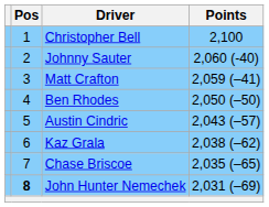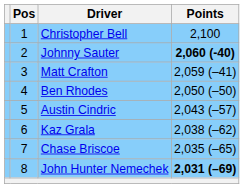 <table class="wikitable" style="font-size: 95%;">
 <tr>
 <th></th>
 <th>Pos</th>
 <th>Driver</th>
 <th>Points</th>
 </tr>
 <tr style="background:#87CEFA;">
 <td align="left"></td>
 <td style="text-align:center;">1</td>
 <td><a href='#'>Christopher Bell</a></td>
 <td style="text-align:center;">2,100</td>
 </tr>
 <tr style="background:#87CEFA;">
 <td align="left"></td>
 <td style="text-align:center;">2</td>
 <td style="background:#87CEFA;"><a href='#'>Johnny Sauter</a></td>
-<td style="text-align:center;">2,060 (-40)</td>
+<td style="text-align:center;"><strong>2,060 (-40)</strong></td>
 </tr>
 <tr style="background:#87CEFA;">
 <td align="left"></td>
 <td style="text-align:center;">3</td>
 <td><a href='#'>Matt Crafton</a></td>
 <td style="text-align:center;">2,059 (–41)</td>
 </tr>
 <tr style="background:#87CEFA;">
 <td align="left"></td>
 <td style="text-align:center;">4</td>
 <td><a href='#'>Ben Rhodes</a></td>
 <td style="text-align:center;">2,050 (–50)</td>
 </tr>
 <tr style="background:#87CEFA;">
 <td align="left"></td>
 <td style="text-align:center;">5</td>
 <td><a href='#'>Austin Cindric</a></td>
 <td style="text-align:center;">2,043 (–57)</td>
 </tr>
 <tr style="background:#87CEFA;">
 <td align="left"></td>
 <td style="text-align:center;">6</td>
 <td><a href='#'>Kaz Grala</a></td>
 <td style="text-align:center;">2,038 (–62)</td>
 </tr>
 <tr style="background:#87CEFA;">
 <td align="left"></td>
 <td style="text-align:center;">7</td>
 <td><a href='#'>Chase Briscoe</a></td>
 <td style="text-align:center;">2,035 (–65)</td>
 </tr>
 <tr style="background:#87CEFA;">
 <td align="left"></td>
-<td style="text-align:center;"><strong>8</strong></td>
+<td style="text-align:center;">8</td>
 <td><a href='#'>John Hunter Nemechek</a></td>
-<td style="text-align:center;">2,031 (–69)</td>
+<td style="text-align:center;"><strong>2,031 (–69)</strong></td>
 </tr>
 <tr class="sortbottom">
 <th colspan="9"></th>
 </tr>
 </table>
